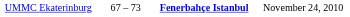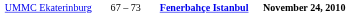 <table style="text-align:center">
 <tr>
 <th width=160></th>
 <th width=100></th>
 <th width=160></th>
 <th width=200></th>
 </tr>
 <tr>
 <td align=right><a href='#'>UMMC Ekaterinburg</a> </td>
 <td>67 – 73</td>
 <td align=left> <strong><a href='#'>Fenerbahçe Istanbul</a></strong></td>
-<td align=left>November 24, 2010 </td>
+<td align=left><strong>November 24, 2010 </strong></td>
 </tr>
 </table>
